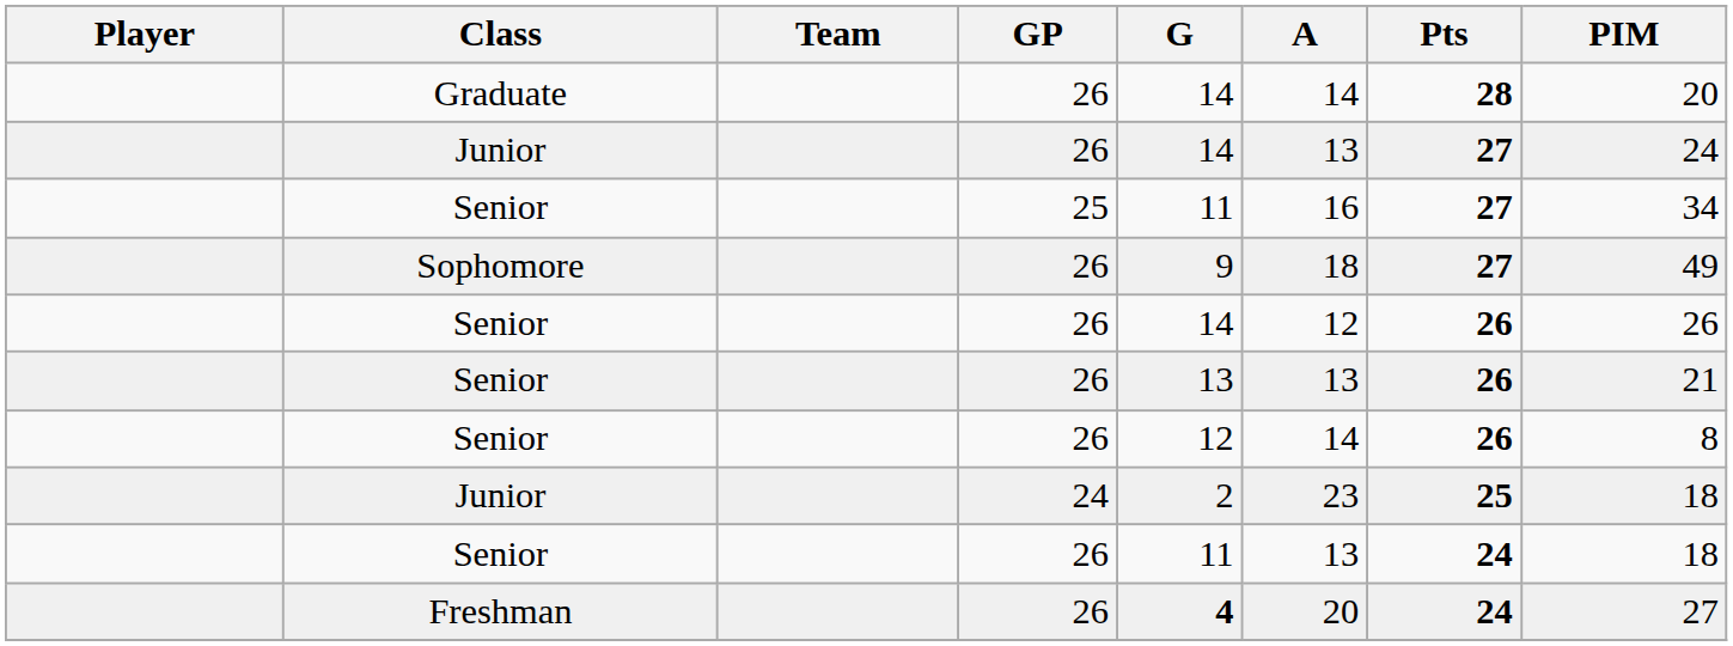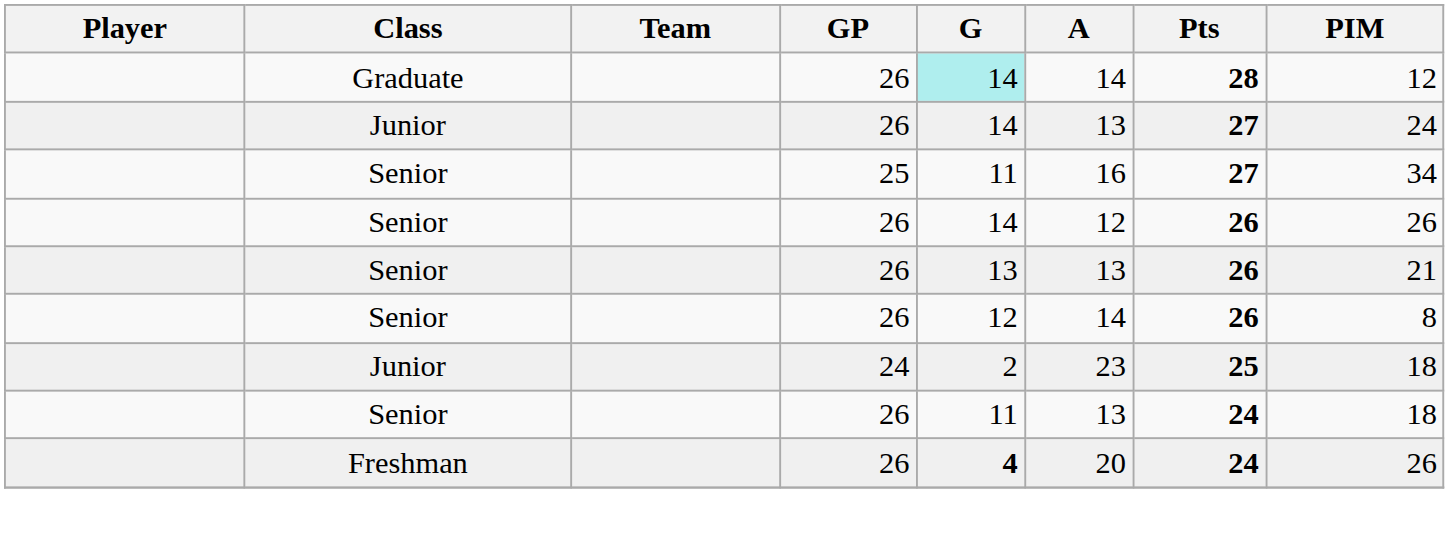 <table class="wikitable sortable" style="text-align: center; "width=60%">
 <tr>
 <th>Player</th>
 <th>Class</th>
 <th>Team</th>
 <th>GP</th>
 <th>G</th>
 <th>A</th>
 <th>Pts</th>
 <th>PIM</th>
 </tr>
 <tr>
 <td style="text-align: left"></td>
 <td>Graduate</td>
 <td><strong><a href='#'></a></strong></td>
 <td style="text-align: right">26</td>
-<td style="text-align: right">14</td>
+<td style="background: paleturquoise; text-align: right">14</td>
 <td style="text-align: right">14</td>
 <td style="text-align: right"><strong>28</strong></td>
-<td style="text-align: right">20</td>
+<td style="text-align: right">12</td>
 </tr>
 <tr bgcolor=f0f0f0>
 <td style="text-align: left"></td>
 <td>Junior</td>
 <td><strong><a href='#'></a></strong></td>
 <td style="text-align: right">26</td>
 <td style="text-align: right">14</td>
 <td style="text-align: right">13</td>
 <td style="text-align: right"><strong>27</strong></td>
 <td style="text-align: right">24</td>
 </tr>
 <tr>
 <td style="text-align: left"></td>
 <td>Senior</td>
 <td><strong><a href='#'></a></strong></td>
 <td style="text-align: right">25</td>
 <td style="text-align: right">11</td>
 <td style="text-align: right">16</td>
 <td style="text-align: right"><strong>27</strong></td>
 <td style="text-align: right">34</td>
-</tr>
-<tr bgcolor=f0f0f0>
-<td style="text-align: left"></td>
-<td>Sophomore</td>
-<td><strong><a href='#'></a></strong></td>
-<td style="text-align: right">26</td>
-<td style="text-align: right">9</td>
-<td style="text-align: right">18</td>
-<td style="text-align: right"><strong>27</strong></td>
-<td style="text-align: right">49</td>
 </tr>
 <tr>
 <td style="text-align: left"></td>
 <td>Senior</td>
 <td><strong><a href='#'></a></strong></td>
 <td style="text-align: right">26</td>
 <td style="text-align: right">14</td>
 <td style="text-align: right">12</td>
 <td style="text-align: right"><strong>26</strong></td>
 <td style="text-align: right">26</td>
 </tr>
 <tr bgcolor=f0f0f0>
 <td style="text-align: left"></td>
 <td>Senior</td>
 <td><strong><a href='#'></a></strong></td>
 <td style="text-align: right">26</td>
 <td style="text-align: right">13</td>
 <td style="text-align: right">13</td>
 <td style="text-align: right"><strong>26</strong></td>
 <td style="text-align: right">21</td>
 </tr>
 <tr>
 <td style="text-align: left"></td>
 <td>Senior</td>
 <td><strong><a href='#'></a></strong></td>
 <td style="text-align: right">26</td>
 <td style="text-align: right">12</td>
 <td style="text-align: right">14</td>
 <td style="text-align: right"><strong>26</strong></td>
 <td style="text-align: right">8</td>
 </tr>
 <tr bgcolor=f0f0f0>
 <td style="text-align: left"></td>
 <td>Junior</td>
 <td><strong><a href='#'></a></strong></td>
 <td style="text-align: right">24</td>
 <td style="text-align: right">2</td>
 <td style="text-align: right">23</td>
 <td style="text-align: right"><strong>25</strong></td>
 <td style="text-align: right">18</td>
 </tr>
 <tr>
 <td style="text-align: left"></td>
 <td>Senior</td>
 <td><strong><a href='#'></a></strong></td>
 <td style="text-align: right">26</td>
 <td style="text-align: right">11</td>
 <td style="text-align: right">13</td>
 <td style="text-align: right"><strong>24</strong></td>
 <td style="text-align: right">18</td>
 </tr>
 <tr bgcolor=f0f0f0>
 <td style="text-align: left"></td>
 <td>Freshman</td>
 <td><strong><a href='#'></a></strong></td>
 <td style="text-align: right">26</td>
 <td style="text-align: right"><strong>4</strong></td>
 <td style="text-align: right">20</td>
 <td style="text-align: right"><strong>24</strong></td>
-<td style="text-align: right">27</td>
+<td style="text-align: right">26</td>
 </tr>
 <tr>
 </tr>
 </table>
